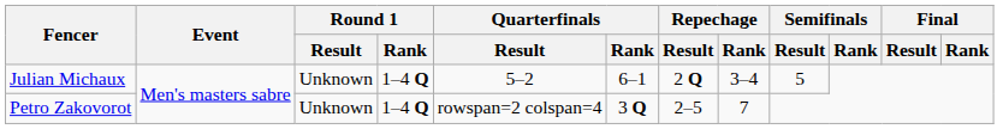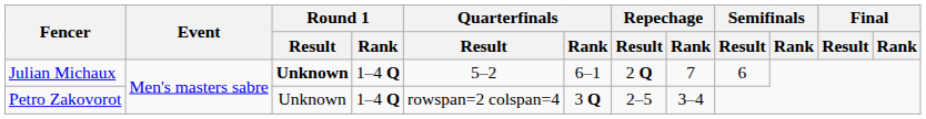 <table class=wikitable>
 <tr>
 <th rowspan=2>Fencer</th>
 <th rowspan=2>Event</th>
 <th colspan=2>Round 1</th>
 <th colspan=2>Quarterfinals</th>
 <th colspan=2>Repechage</th>
 <th colspan=2>Semifinals</th>
 <th colspan=2>Final</th>
 </tr>
 <tr>
 <th>Result</th>
 <th>Rank</th>
 <th>Result</th>
 <th>Rank</th>
 <th>Result</th>
 <th>Rank</th>
 <th>Result</th>
 <th>Rank</th>
 <th>Result</th>
 <th>Rank</th>
 </tr>
 <tr align=center>
 <td align=left><a href='#'>Julian Michaux</a></td>
 <td rowspan=2><a href='#'>Men's masters sabre</a></td>
-<td>Unknown</td>
+<td><strong>Unknown</strong></td>
 <td>1–4 <strong>Q</strong></td>
 <td>5–2</td>
 <td>6–1</td>
 <td>2 <strong>Q</strong></td>
-<td>3–4</td>
-<td>5</td>
+<td>7</td>
+<td>6</td>
 </tr>
 <tr align=center>
 <td align=left><a href='#'>Petro Zakovorot</a></td>
 <td>Unknown</td>
 <td>1–4 <strong>Q</strong></td>
 <td>rowspan=2 colspan=4 </td>
 <td>3 <strong>Q</strong></td>
 <td>2–5</td>
-<td>7</td>
+<td>3–4</td>
 </tr>
 </table>
